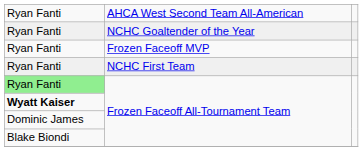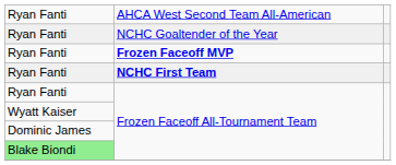 <table class="wikitable" width=40%>
 <tr>
 <td>Ryan Fanti</td>
 <td rowspan=1><a href='#'>AHCA West Second Team All-American</a></td>
 <td rowspan=1></td>
 </tr>
 <tr bgcolor=f0f0f0>
 <td>Ryan Fanti</td>
 <td rowspan=1><a href='#'>NCHC Goaltender of the Year</a></td>
 <td rowspan=1></td>
 </tr>
 <tr>
 <td>Ryan Fanti</td>
-<td rowspan=1><a href='#'>Frozen Faceoff MVP</a></td>
+<td rowspan=1><strong><a href='#'>Frozen Faceoff MVP</a></strong></td>
 <td rowspan=1></td>
 </tr>
 <tr bgcolor=f0f0f0>
 <td>Ryan Fanti</td>
-<td rowspan=1><a href='#'>NCHC First Team</a></td>
+<td rowspan=1><strong><a href='#'>NCHC First Team</a></strong></td>
 <td rowspan=1></td>
 </tr>
 <tr>
-<td style="background: lightgreen;">Ryan Fanti</td>
+<td>Ryan Fanti</td>
 <td rowspan=4><a href='#'>Frozen Faceoff All-Tournament Team</a></td>
 <td rowspan=4></td>
 </tr>
 <tr>
-<td><strong>Wyatt Kaiser</strong></td>
+<td>Wyatt Kaiser</td>
 </tr>
 <tr>
 <td>Dominic James</td>
 </tr>
 <tr>
-<td>Blake Biondi</td>
+<td style="background: lightgreen;">Blake Biondi</td>
 </tr>
 <tr>
 </tr>
 </table>
